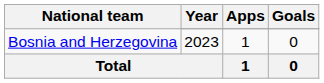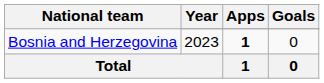 <table class="wikitable" style="text-align:center">
 <tr>
 <th>National team</th>
 <th>Year</th>
 <th>Apps</th>
 <th>Goals</th>
 </tr>
 <tr>
 <td rowspan=2><a href='#'>Bosnia and Herzegovina</a></td>
 </tr>
 <tr>
 <td>2023</td>
-<td>1</td>
+<td><strong>1</strong></td>
 <td>0</td>
 </tr>
 <tr>
 <th colspan=2>Total</th>
 <th>1</th>
 <th>0</th>
 </tr>
 </table>
